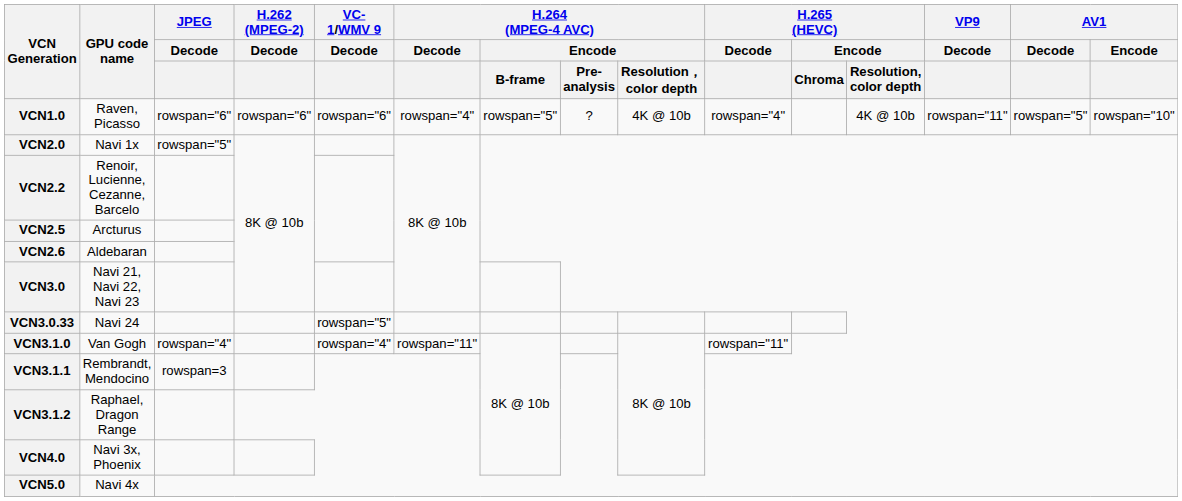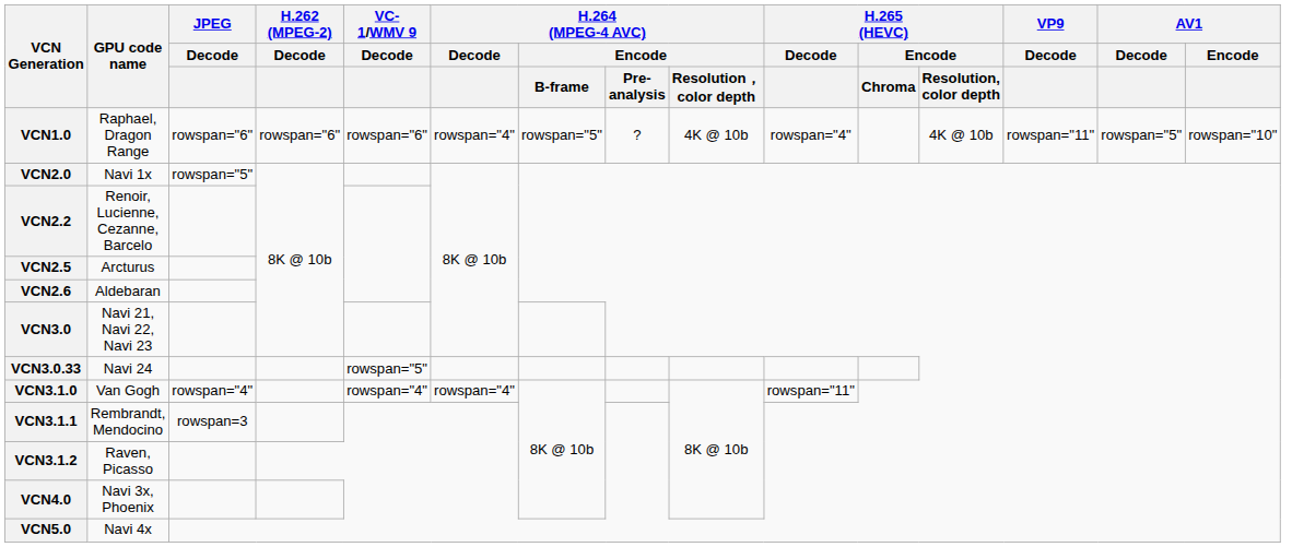 <table class="wikitable" style="text-align: center; font-size: 100%; table-layout: fixed;">
 <tr>
 <th rowspan="3">VCN<br>Generation</th>
 <th rowspan="3">GPU code name</th>
 <th><a href='#'>JPEG</a></th>
 <th><a href='#'>H.262<br>(MPEG-2)</a></th>
 <th><a href='#'>VC-1</a>/<a href='#'>WMV 9</a></th>
 <th colspan="4"><a href='#'>H.264<br>(MPEG-4 AVC)</a></th>
 <th colspan="3"><a href='#'>H.265<br>(HEVC)</a></th>
 <th><a href='#'>VP9</a></th>
 <th colspan="2"><a href='#'>AV1</a></th>
 </tr>
 <tr>
 <th>Decode</th>
 <th>Decode</th>
 <th>Decode</th>
 <th>Decode</th>
 <th colspan="3">Encode</th>
 <th>Decode</th>
 <th colspan="2">Encode</th>
 <th>Decode</th>
 <th>Decode</th>
 <th>Encode</th>
 </tr>
 <tr>
 <th></th>
 <th></th>
 <th></th>
 <th></th>
 <th>B-frame</th>
 <th>Pre-analysis</th>
 <th>Resolution， color depth</th>
 <th></th>
 <th>Chroma</th>
 <th>Resolution,<br>color depth</th>
 <th></th>
 <th></th>
 <th></th>
 </tr>
 <tr>
 <th>VCN1.0</th>
-<td>Raven, Picasso</td>
+<td>Raphael, Dragon Range</td>
 <td>rowspan="6" </td>
 <td>rowspan="6" </td>
 <td>rowspan="6" </td>
 <td>rowspan="4" </td>
 <td>rowspan="5" </td>
 <td>?</td>
 <td>4K @ 10b</td>
 <td>rowspan="4" </td>
 <td></td>
 <td>4K @ 10b</td>
 <td>rowspan="11" </td>
 <td>rowspan="5" </td>
 <td>rowspan="10" </td>
 </tr>
 <tr>
 <th>VCN2.0</th>
 <td>Navi 1x</td>
 <td>rowspan="5" </td>
 <td rowspan="5">8K @ 10b</td>
 <td></td>
 <td rowspan="5">8K @ 10b</td>
 </tr>
 <tr>
 <th>VCN2.2</th>
 <td>Renoir, Lucienne, Cezanne, Barcelo</td>
 <td></td>
 </tr>
 <tr>
 <th>VCN2.5</th>
 <td>Arcturus</td>
 <td></td>
 </tr>
 <tr>
 <th>VCN2.6</th>
 <td>Aldebaran</td>
 <td></td>
 </tr>
 <tr>
 <th>VCN3.0</th>
 <td>Navi 21, Navi 22, Navi 23</td>
 <td></td>
 <td></td>
 <td></td>
 </tr>
 <tr>
 <th>VCN3.0.33</th>
 <td>Navi 24</td>
 <td></td>
 <td></td>
 <td>rowspan="5" </td>
 <td></td>
 <td></td>
 <td></td>
 <td></td>
 <td></td>
 <td></td>
 </tr>
 <tr>
 <th>VCN3.1.0</th>
 <td>Van Gogh</td>
 <td>rowspan="4" </td>
 <td></td>
 <td>rowspan="4" </td>
-<td>rowspan="11" </td>
+<td>rowspan="4" </td>
 <td rowspan="4">8K @ 10b</td>
 <td></td>
 <td rowspan="4">8K @ 10b</td>
 <td>rowspan="11" </td>
 </tr>
 <tr>
 <th>VCN3.1.1</th>
 <td>Rembrandt, Mendocino</td>
 <td>rowspan=3 </td>
 <td></td>
 </tr>
 <tr>
 <th>VCN3.1.2</th>
-<td>Raphael, Dragon Range</td>
+<td>Raven, Picasso</td>
 <td></td>
 </tr>
 <tr>
 <th>VCN4.0</th>
 <td>Navi 3x, Phoenix</td>
 <td></td>
 <td></td>
 </tr>
 <tr>
 <th>VCN5.0</th>
 <td>Navi 4x</td>
 </tr>
 </table>
